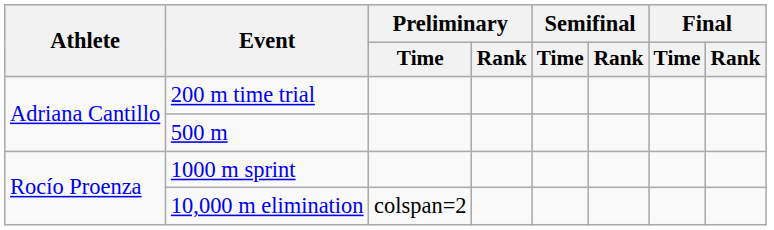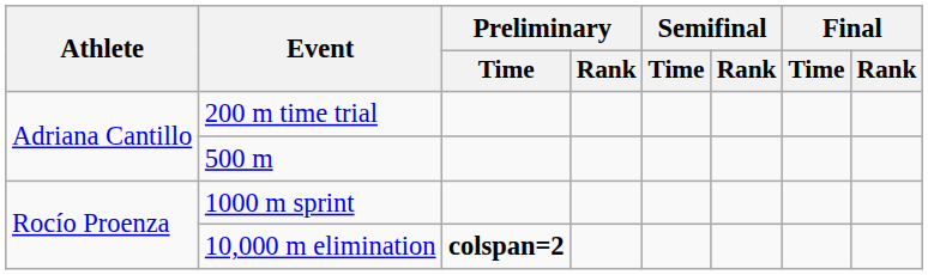 <table class=wikitable style=font-size:90%;text-align:center>
 <tr>
 <th rowspan=2>Athlete</th>
 <th rowspan=2>Event</th>
 <th colspan=2>Preliminary</th>
 <th colspan=2>Semifinal</th>
 <th colspan=2>Final</th>
 </tr>
 <tr style=font-size:95%>
 <th>Time</th>
 <th>Rank</th>
 <th>Time</th>
 <th>Rank</th>
 <th>Time</th>
 <th>Rank</th>
 </tr>
 <tr>
 <td rowspan=2 align=left><a href='#'>Adriana Cantillo</a></td>
 <td align=left><a href='#'>200 m time trial</a></td>
 <td></td>
 <td></td>
 <td></td>
 <td></td>
 <td></td>
 <td></td>
 </tr>
 <tr>
 <td align=left><a href='#'>500 m</a></td>
 <td></td>
 <td></td>
 <td></td>
 <td></td>
 <td></td>
 <td></td>
 </tr>
 <tr>
 <td rowspan=2 align=left><a href='#'>Rocío Proenza</a></td>
 <td align=left><a href='#'>1000 m sprint</a></td>
 <td></td>
 <td></td>
 <td></td>
 <td></td>
 <td></td>
 <td></td>
 </tr>
 <tr>
 <td align=left><a href='#'>10,000 m elimination</a></td>
-<td>colspan=2 </td>
+<td><strong>colspan=2 </strong></td>
 <td></td>
 <td></td>
 <td></td>
 <td></td>
 </tr>
 </table>
